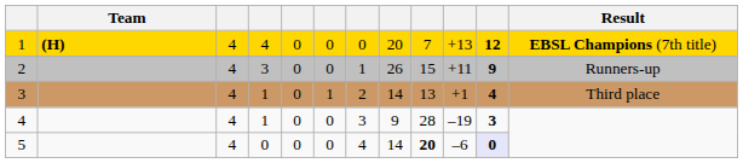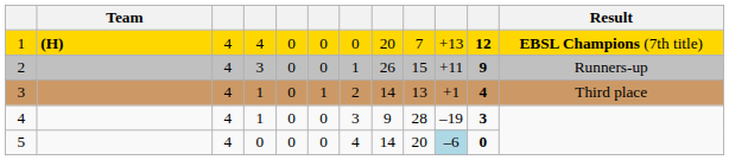 <table class="wikitable" style="text-align: center; font-size: 100%;">
 <tr>
 <th width="25"></th>
 <th width="170">Team</th>
 <th width="25"></th>
 <th width="25"></th>
 <th width="25"></th>
 <th width="25"></th>
 <th width="25"></th>
 <th width="25"></th>
 <th width="25"></th>
 <th width="25"></th>
 <th width="25"></th>
 <th width="220">Result</th>
 </tr>
 <tr bgcolor=gold>
 <td>1</td>
 <td align=left> <strong>(H)</strong></td>
 <td>4</td>
 <td>4</td>
 <td>0</td>
 <td>0</td>
 <td>0</td>
 <td>20</td>
 <td>7</td>
 <td>+13</td>
 <td><strong>12</strong></td>
 <td><strong>EBSL Champions</strong> (7th title)</td>
 </tr>
 <tr bgcolor=silver>
 <td>2</td>
 <td align=left></td>
 <td>4</td>
 <td>3</td>
 <td>0</td>
 <td>0</td>
 <td>1</td>
 <td>26</td>
 <td>15</td>
 <td>+11</td>
 <td><strong>9</strong></td>
 <td>Runners-up</td>
 </tr>
 <tr bgcolor=#C96>
 <td>3</td>
 <td align=left></td>
 <td>4</td>
 <td>1</td>
 <td>0</td>
 <td>1</td>
 <td>2</td>
 <td>14</td>
 <td>13</td>
 <td>+1</td>
 <td><strong>4</strong></td>
 <td>Third place</td>
 </tr>
 <tr>
 <td>4</td>
 <td align=left></td>
 <td>4</td>
 <td>1</td>
 <td>0</td>
 <td>0</td>
 <td>3</td>
 <td>9</td>
 <td>28</td>
 <td>–19</td>
 <td><strong>3</strong></td>
 <td rowspan=2></td>
 </tr>
 <tr>
 <td>5</td>
 <td align=left></td>
 <td>4</td>
 <td>0</td>
 <td>0</td>
 <td>0</td>
 <td>4</td>
 <td>14</td>
-<td><strong>20</strong></td>
-<td>–6</td>
-<td style="background: lavender;"><strong>0</strong></td>
+<td>20</td>
+<td style="background: lightblue;">–6</td>
+<td><strong>0</strong></td>
 </tr>
 </table>
